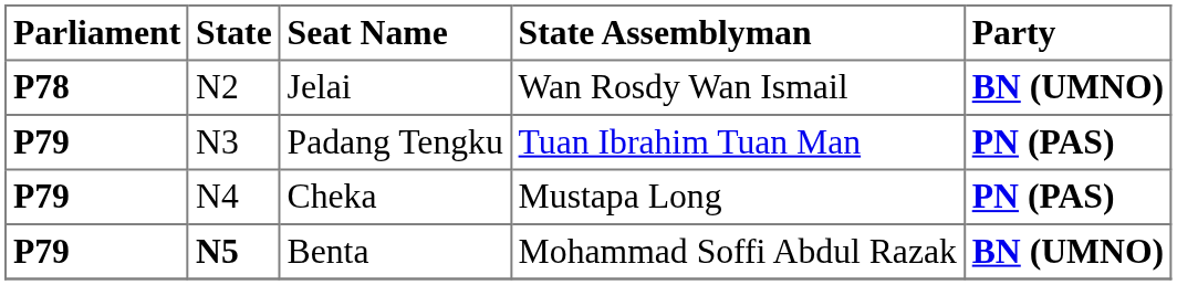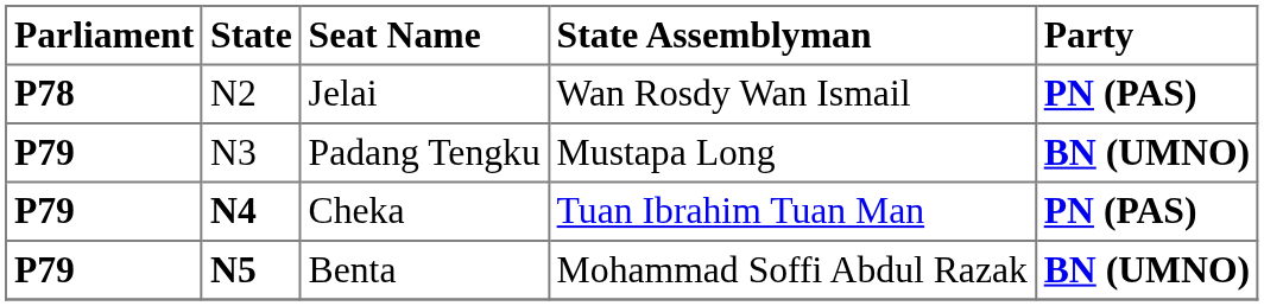 <table class="toccolours sortable" border="1" cellpadding="3" style="border-collapse:collapse; text-align: left;">
 <tr>
 <th align="center">Parliament</th>
 <th>State</th>
 <th>Seat Name</th>
 <th>State Assemblyman</th>
 <th>Party</th>
 </tr>
 <tr>
 <th><strong>P78</strong></th>
 <td>N2</td>
 <td>Jelai</td>
 <td>Wan Rosdy Wan Ismail</td>
-<td><strong><a href='#'>BN</a> (UMNO)</strong></td>
+<td><strong><a href='#'>PN</a> (PAS)</strong></td>
 </tr>
 <tr>
 <th align="left">P79</th>
 <td>N3</td>
 <td>Padang Tengku</td>
-<td><a href='#'>Tuan Ibrahim Tuan Man</a></td>
-<td><strong><a href='#'>PN</a> (PAS)</strong></td>
+<td>Mustapa Long</td>
+<td><strong><a href='#'>BN</a> (UMNO)</strong></td>
 </tr>
 <tr>
 <th align="left">P79</th>
-<td>N4</td>
+<td><strong>N4</strong></td>
 <td>Cheka</td>
-<td>Mustapa Long</td>
+<td><a href='#'>Tuan Ibrahim Tuan Man</a></td>
 <td><strong><a href='#'>PN</a> (PAS)</strong></td>
 </tr>
 <tr>
 <th align="left">P79</th>
 <td><strong>N5</strong></td>
 <td>Benta</td>
 <td>Mohammad Soffi Abdul Razak</td>
 <td><strong><a href='#'>BN</a> (UMNO)</strong></td>
 </tr>
 <tr>
 </tr>
 </table>
